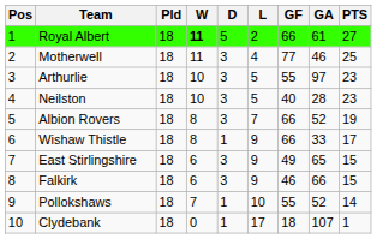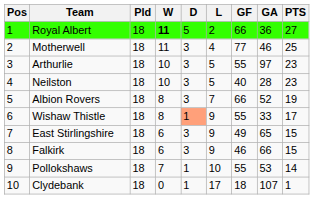 <table class="wikitable" style="text–align: center;">
 <tr>
 <th width=30>Pos</th>
 <th width=140>Team</th>
 <th width=30>Pld</th>
 <th width=30>W</th>
 <th width=30>D</th>
 <th width=30>L</th>
 <th width=30>GF</th>
 <th width=30>GA</th>
 <th width=30>PTS</th>
 </tr>
 <tr style="background:#33FF00;">
 <td>1</td>
 <td>Royal Albert</td>
 <td>18</td>
 <td><strong>11</strong></td>
 <td>5</td>
 <td>2</td>
 <td>66</td>
-<td>61</td>
+<td>36</td>
 <td>27</td>
 </tr>
 <tr>
 <td>2</td>
 <td>Motherwell</td>
 <td>18</td>
 <td>11</td>
 <td>3</td>
 <td>4</td>
 <td>77</td>
 <td>46</td>
 <td>25</td>
 </tr>
 <tr>
 <td>3</td>
 <td>Arthurlie</td>
 <td>18</td>
 <td>10</td>
 <td>3</td>
 <td>5</td>
 <td>55</td>
 <td>97</td>
 <td>23</td>
 </tr>
 <tr>
 <td>4</td>
 <td>Neilston</td>
 <td>18</td>
 <td>10</td>
 <td>3</td>
 <td>5</td>
 <td>40</td>
 <td>28</td>
 <td>23</td>
 </tr>
 <tr>
 <td>5</td>
 <td>Albion Rovers</td>
 <td>18</td>
 <td>8</td>
 <td>3</td>
 <td>7</td>
 <td>66</td>
 <td>52</td>
 <td>19</td>
 </tr>
 <tr>
 <td>6</td>
 <td>Wishaw Thistle</td>
 <td>18</td>
 <td>8</td>
-<td>1</td>
+<td style="background: lightsalmon;">1</td>
 <td>9</td>
-<td>66</td>
+<td>55</td>
 <td>33</td>
 <td>17</td>
 </tr>
 <tr>
 <td>7</td>
 <td>East Stirlingshire</td>
 <td>18</td>
 <td>6</td>
 <td>3</td>
 <td>9</td>
 <td>49</td>
 <td>65</td>
 <td>15</td>
 </tr>
 <tr>
 <td>8</td>
 <td>Falkirk</td>
 <td>18</td>
 <td>6</td>
 <td>3</td>
 <td>9</td>
 <td>46</td>
 <td>66</td>
 <td>15</td>
 </tr>
 <tr>
 <td>9</td>
 <td>Pollokshaws</td>
 <td>18</td>
 <td>7</td>
 <td>1</td>
 <td>10</td>
 <td>55</td>
-<td>52</td>
+<td>53</td>
 <td>14</td>
 </tr>
 <tr>
 <td>10</td>
 <td>Clydebank</td>
 <td>18</td>
 <td>0</td>
 <td>1</td>
 <td>17</td>
 <td>18</td>
 <td>107</td>
 <td>1</td>
 </tr>
 </table>
